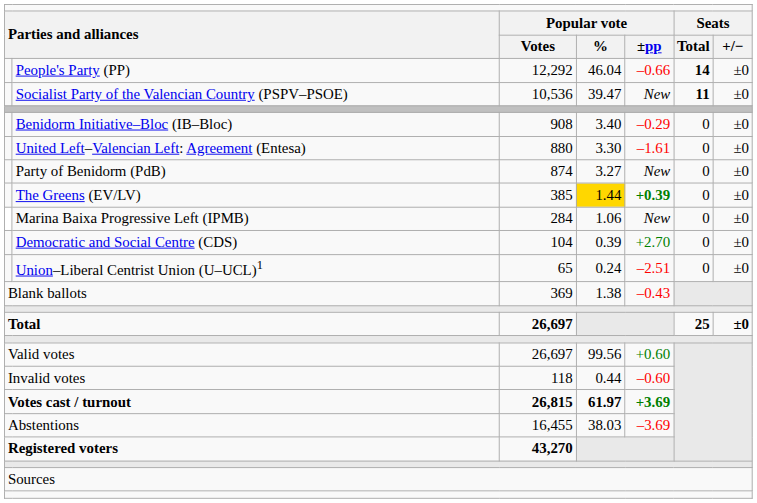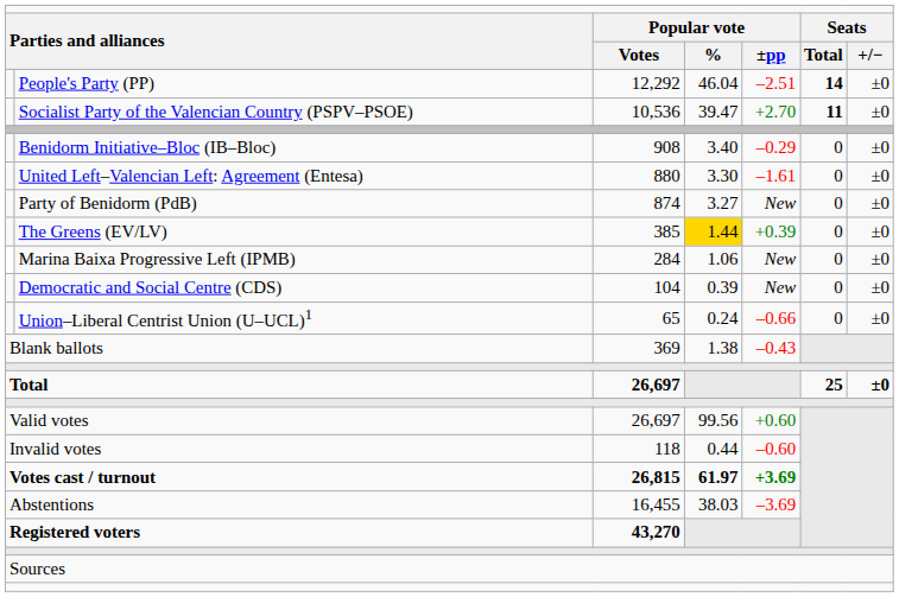 <table class="wikitable" style="text-align:right;">
 <tr>
 <td colspan="7"></td>
 </tr>
 <tr>
 <th style="text-align:left;" rowspan="2" colspan="2" width="525">Parties and alliances</th>
 <th colspan="3">Popular vote</th>
 <th colspan="2">Seats</th>
 </tr>
 <tr>
 <th width="75">Votes</th>
 <th width="45">%</th>
 <th width="45">±<a href='#'>pp</a></th>
 <th width="35">Total</th>
 <th width="35">+/−</th>
 </tr>
 <tr>
 <td width="1" style="color:inherit;background:"></td>
 <td align="left"><a href='#'>People's Party</a> (PP)</td>
 <td>12,292</td>
 <td>46.04</td>
-<td style="color:red;">–0.66</td>
+<td style="color:red;">–2.51</td>
 <td><strong>14</strong></td>
 <td>±0</td>
 </tr>
 <tr>
 <td style="color:inherit;background:"></td>
 <td align="left"><a href='#'>Socialist Party of the Valencian Country</a> (PSPV–PSOE)</td>
 <td>10,536</td>
 <td>39.47</td>
-<td><em>New</em></td>
+<td style="color:green;">+2.70</td>
 <td><strong>11</strong></td>
 <td>±0</td>
 </tr>
 <tr>
 <td colspan="7" bgcolor="#C0C0C0"></td>
 </tr>
 <tr>
 <td style="color:inherit;background:"></td>
 <td align="left"><a href='#'>Benidorm Initiative–Bloc</a> (IB–Bloc)</td>
 <td>908</td>
 <td>3.40</td>
 <td style="color:red;">–0.29</td>
 <td>0</td>
 <td>±0</td>
 </tr>
 <tr>
 <td style="color:inherit;background:"></td>
 <td align="left"><a href='#'>United Left</a>–<a href='#'>Valencian Left</a>: <a href='#'>Agreement</a> (Entesa)</td>
 <td>880</td>
 <td>3.30</td>
 <td style="color:red;">–1.61</td>
 <td>0</td>
 <td>±0</td>
 </tr>
 <tr>
 <td style="color:inherit;background:"></td>
 <td align="left">Party of Benidorm (PdB)</td>
 <td>874</td>
 <td>3.27</td>
 <td><em>New</em></td>
 <td>0</td>
 <td>±0</td>
 </tr>
 <tr>
 <td style="color:inherit;background:"></td>
 <td align="left"><a href='#'>The Greens</a> (EV/LV)</td>
 <td>385</td>
 <td style="background: gold;">1.44</td>
-<td style="color:green;"><strong>+0.39</strong></td>
+<td style="color:green;">+0.39</td>
 <td>0</td>
 <td>±0</td>
 </tr>
 <tr>
 <td bgcolor="white"></td>
 <td align="left">Marina Baixa Progressive Left (IPMB)</td>
 <td>284</td>
 <td>1.06</td>
 <td><em>New</em></td>
 <td>0</td>
 <td>±0</td>
 </tr>
 <tr>
 <td style="color:inherit;background:"></td>
 <td align="left"><a href='#'>Democratic and Social Centre</a> (CDS)</td>
 <td>104</td>
 <td>0.39</td>
-<td style="color:green;">+2.70</td>
+<td><em>New</em></td>
 <td>0</td>
 <td>±0</td>
 </tr>
 <tr>
 <td style="color:inherit;background:"></td>
 <td align="left"><a href='#'>Union</a>–Liberal Centrist Union (U–UCL)<sup>1</sup></td>
 <td>65</td>
 <td>0.24</td>
-<td style="color:red;">–2.51</td>
+<td style="color:red;">–0.66</td>
 <td>0</td>
 <td>±0</td>
 </tr>
 <tr>
 <td align="left" colspan="2">Blank ballots</td>
 <td>369</td>
 <td>1.38</td>
 <td style="color:red;">–0.43</td>
 <td bgcolor="#E9E9E9" colspan="2"></td>
 </tr>
 <tr>
 <td colspan="7" bgcolor="#E9E9E9"></td>
 </tr>
 <tr style="font-weight:bold;">
 <td align="left" colspan="2">Total</td>
 <td>26,697</td>
 <td bgcolor="#E9E9E9" colspan="2"></td>
 <td>25</td>
 <td>±0</td>
 </tr>
 <tr>
 <td colspan="7" bgcolor="#E9E9E9"></td>
 </tr>
 <tr>
 <td align="left" colspan="2">Valid votes</td>
 <td>26,697</td>
 <td>99.56</td>
 <td style="color:green;">+0.60</td>
 <td bgcolor="#E9E9E9" colspan="2" rowspan="5"></td>
 </tr>
 <tr>
 <td align="left" colspan="2">Invalid votes</td>
 <td>118</td>
 <td>0.44</td>
 <td style="color:red;">–0.60</td>
 </tr>
 <tr style="font-weight:bold;">
 <td align="left" colspan="2">Votes cast / turnout</td>
 <td>26,815</td>
 <td>61.97</td>
 <td style="color:green;">+3.69</td>
 </tr>
 <tr>
 <td align="left" colspan="2">Abstentions</td>
 <td>16,455</td>
 <td>38.03</td>
 <td style="color:red;">–3.69</td>
 </tr>
 <tr style="font-weight:bold;">
 <td align="left" colspan="2">Registered voters</td>
 <td>43,270</td>
 <td bgcolor="#E9E9E9" colspan="2"></td>
 </tr>
 <tr>
 <td colspan="7" bgcolor="#E9E9E9"></td>
 </tr>
 <tr>
 <td align="left" colspan="7">Sources</td>
 </tr>
 <tr>
 <td colspan="7" style="text-align:left; max-width:790px;"></td>
 </tr>
 </table>
